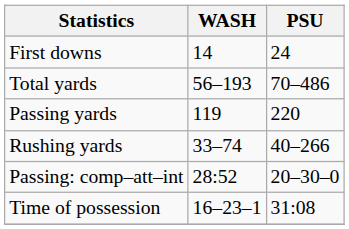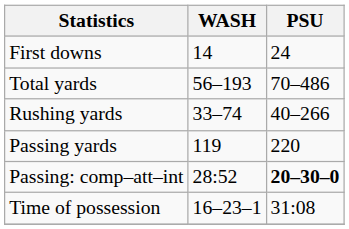 <table class="wikitable" style="float: left;">
 <tr>
 <th>Statistics</th>
 <th>WASH</th>
 <th>PSU</th>
 </tr>
 <tr>
 <td>First downs</td>
 <td>14</td>
 <td>24</td>
 </tr>
 <tr>
 <td>Total yards</td>
 <td>56–193</td>
 <td>70–486</td>
 </tr>
 <tr>
+<td>Rushing yards</td>
+<td>33–74</td>
+<td>40–266</td>
+</tr>
+<tr>
 <td>Passing yards</td>
 <td>119</td>
 <td>220</td>
 </tr>
 <tr>
-<td>Rushing yards</td>
-<td>33–74</td>
-<td>40–266</td>
-</tr>
-<tr>
 <td>Passing: comp–att–int</td>
 <td>28:52</td>
-<td>20–30–0</td>
+<td><strong>20–30–0</strong></td>
 </tr>
 <tr>
 <td>Time of possession</td>
 <td>16–23–1</td>
 <td>31:08</td>
 </tr>
 <tr>
 </tr>
 </table>
